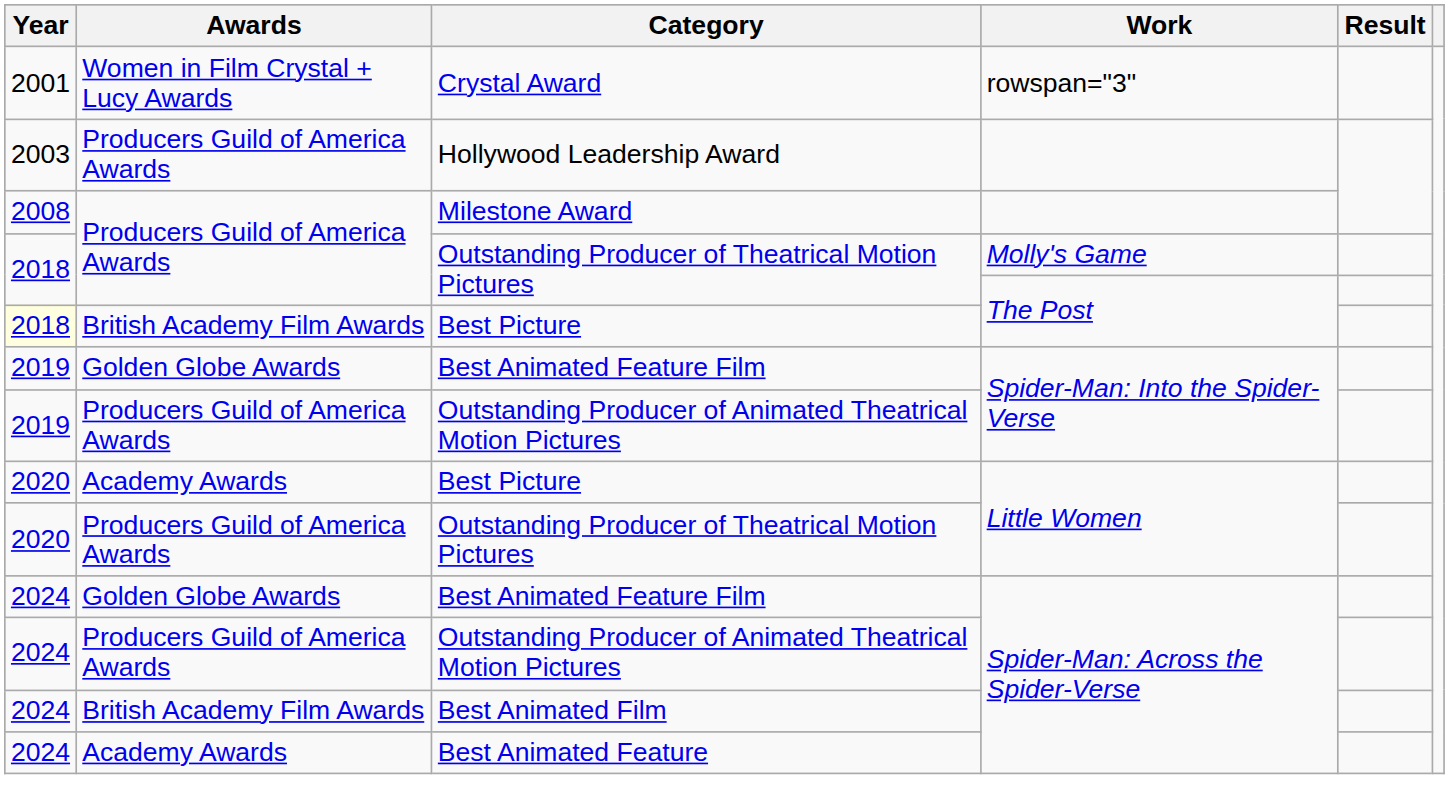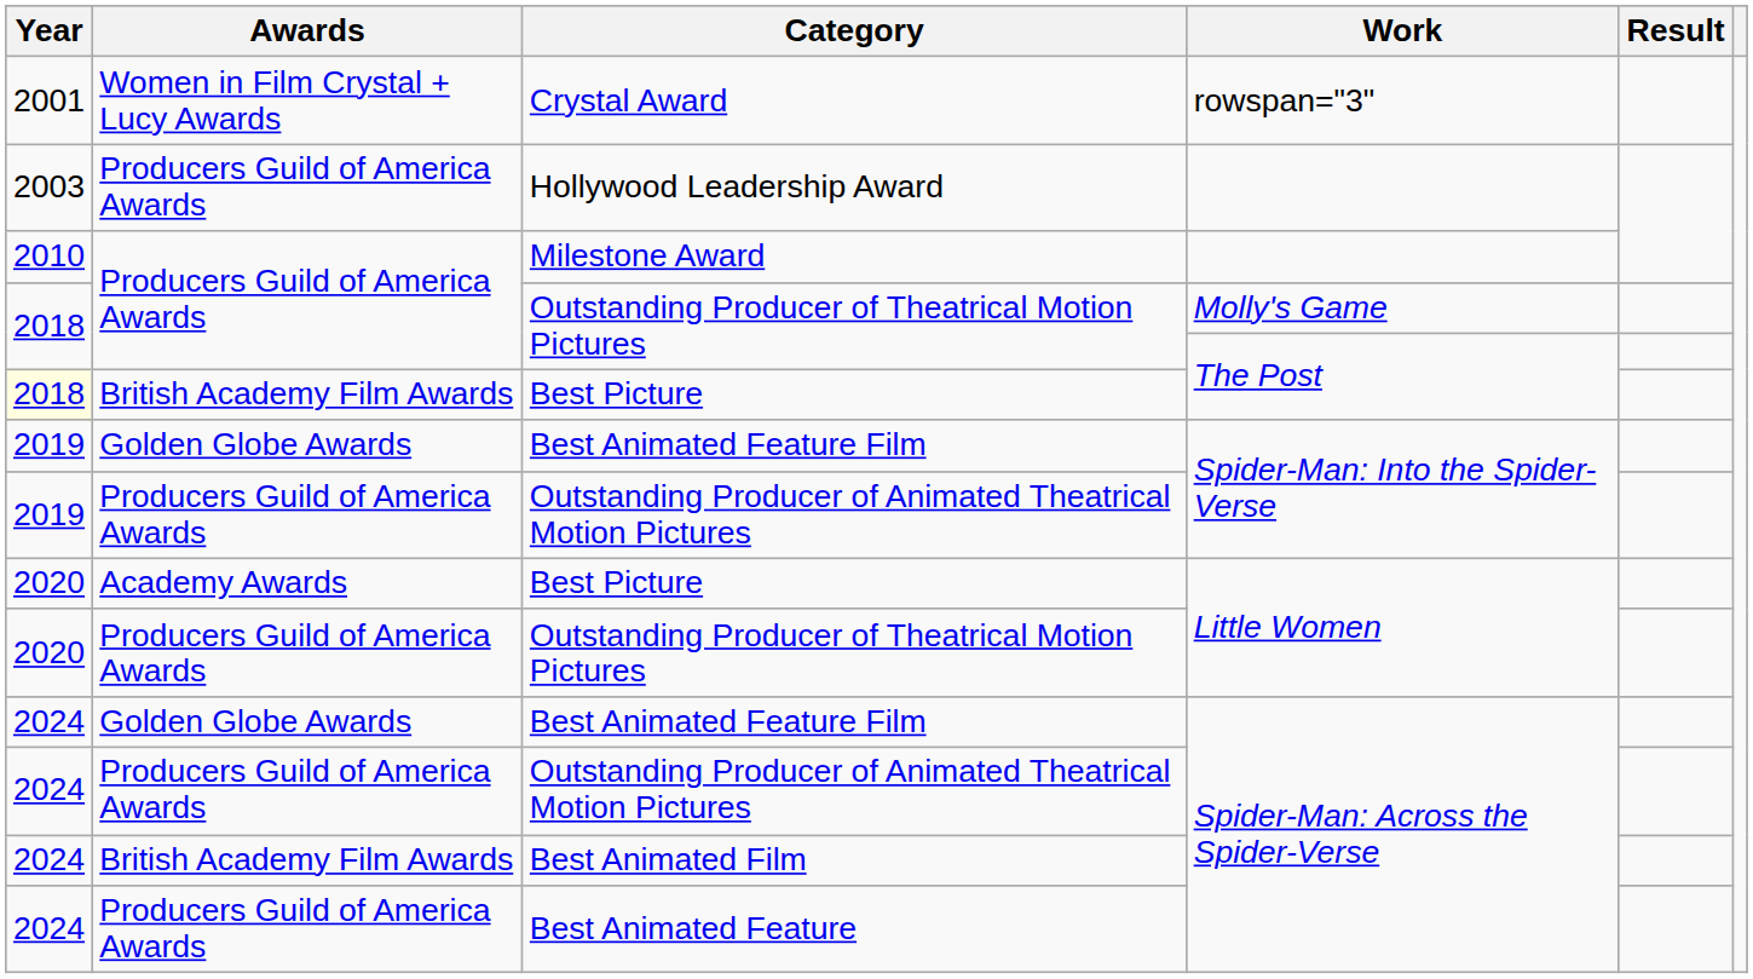 <table class=wikitable>
 <tr>
 <th>Year</th>
 <th>Awards</th>
 <th>Category</th>
 <th>Work</th>
 <th>Result</th>
 <th></th>
 </tr>
 <tr>
 <td>2001</td>
 <td><a href='#'>Women in Film Crystal + Lucy Awards</a></td>
 <td><a href='#'>Crystal Award</a></td>
 <td>rowspan="3" </td>
 <td></td>
 <td style="text-align:center;" rowspan="14"></td>
 </tr>
 <tr>
 <td>2003</td>
 <td><a href='#'>Producers Guild of America Awards</a></td>
 <td>Hollywood Leadership Award</td>
 <td></td>
 </tr>
 <tr>
-<td><a href='#'>2008</a></td>
+<td><a href='#'>2010</a></td>
 <td rowspan="3"><a href='#'>Producers Guild of America Awards</a></td>
 <td><a href='#'>Milestone Award</a></td>
 <td></td>
 </tr>
 <tr>
 <td rowspan="2"><a href='#'>2018</a></td>
 <td rowspan="2"><a href='#'>Outstanding Producer of Theatrical Motion Pictures</a></td>
 <td><em><a href='#'>Molly's Game</a></em></td>
 <td></td>
 </tr>
 <tr>
 <td rowspan="2"><em><a href='#'>The Post</a></em></td>
 <td></td>
 </tr>
 <tr>
 <td style="background: lightyellow;"><a href='#'>2018</a></td>
 <td><a href='#'>British Academy Film Awards</a></td>
 <td><a href='#'>Best Picture</a></td>
 <td></td>
 </tr>
 <tr>
 <td><a href='#'>2019</a></td>
 <td><a href='#'>Golden Globe Awards</a></td>
 <td><a href='#'>Best Animated Feature Film</a></td>
 <td rowspan="2"><em><a href='#'>Spider-Man: Into the Spider-Verse</a></em></td>
 <td></td>
 </tr>
 <tr>
 <td><a href='#'>2019</a></td>
 <td><a href='#'>Producers Guild of America Awards</a></td>
 <td><a href='#'>Outstanding Producer of Animated Theatrical Motion Pictures</a></td>
 <td></td>
 </tr>
 <tr>
 <td><a href='#'>2020</a></td>
 <td><a href='#'>Academy Awards</a></td>
 <td><a href='#'>Best Picture</a></td>
 <td rowspan="2"><em><a href='#'>Little Women</a></em></td>
 <td></td>
 </tr>
 <tr>
 <td><a href='#'>2020</a></td>
 <td><a href='#'>Producers Guild of America Awards</a></td>
 <td><a href='#'>Outstanding Producer of Theatrical Motion Pictures</a></td>
 <td></td>
 </tr>
 <tr>
 <td><a href='#'>2024</a></td>
 <td><a href='#'>Golden Globe Awards</a></td>
 <td><a href='#'>Best Animated Feature Film</a></td>
 <td rowspan="4"><em><a href='#'>Spider-Man: Across the Spider-Verse</a></em></td>
 <td></td>
 </tr>
 <tr>
 <td><a href='#'>2024</a></td>
 <td><a href='#'>Producers Guild of America Awards</a></td>
 <td><a href='#'>Outstanding Producer of Animated Theatrical Motion Pictures</a></td>
 <td></td>
 </tr>
 <tr>
 <td><a href='#'>2024</a></td>
 <td><a href='#'>British Academy Film Awards</a></td>
 <td><a href='#'>Best Animated Film</a></td>
 <td></td>
 </tr>
 <tr>
 <td><a href='#'>2024</a></td>
-<td><a href='#'>Academy Awards</a></td>
+<td><a href='#'>Producers Guild of America Awards</a></td>
 <td><a href='#'>Best Animated Feature</a></td>
 <td></td>
 </tr>
 </table>
